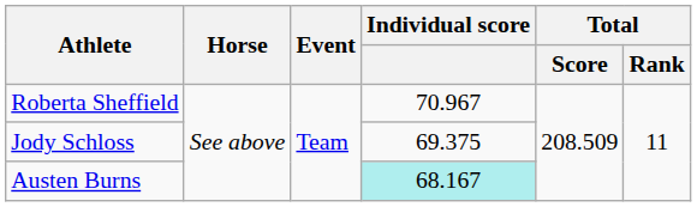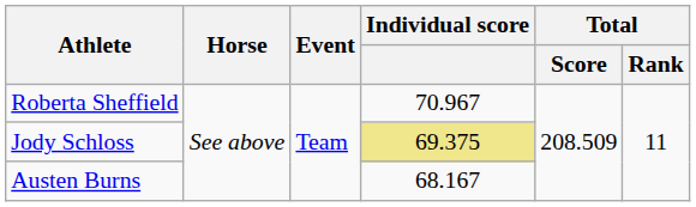 <table class=wikitable style="font-size:90%">
 <tr>
 <th rowspan="2">Athlete</th>
 <th rowspan="2">Horse</th>
 <th rowspan="2">Event</th>
 <th colspan="1">Individual score</th>
 <th colspan="2">Total</th>
 </tr>
 <tr>
 <th></th>
 <th>Score</th>
 <th>Rank</th>
 </tr>
 <tr align=center>
 <td align=left><a href='#'>Roberta Sheffield</a></td>
 <td align=left rowspan=3><em>See above</em></td>
 <td align=left rowspan=3><a href='#'>Team</a></td>
 <td>70.967</td>
 <td rowspan="3">208.509</td>
 <td rowspan="3">11</td>
 </tr>
 <tr align=center>
 <td align=left><a href='#'>Jody Schloss</a></td>
-<td>69.375</td>
+<td style="background: khaki;">69.375</td>
 </tr>
 <tr align=center>
 <td align=left><a href='#'>Austen Burns</a></td>
-<td style="background: paleturquoise;">68.167</td>
+<td>68.167</td>
 </tr>
 </table>
